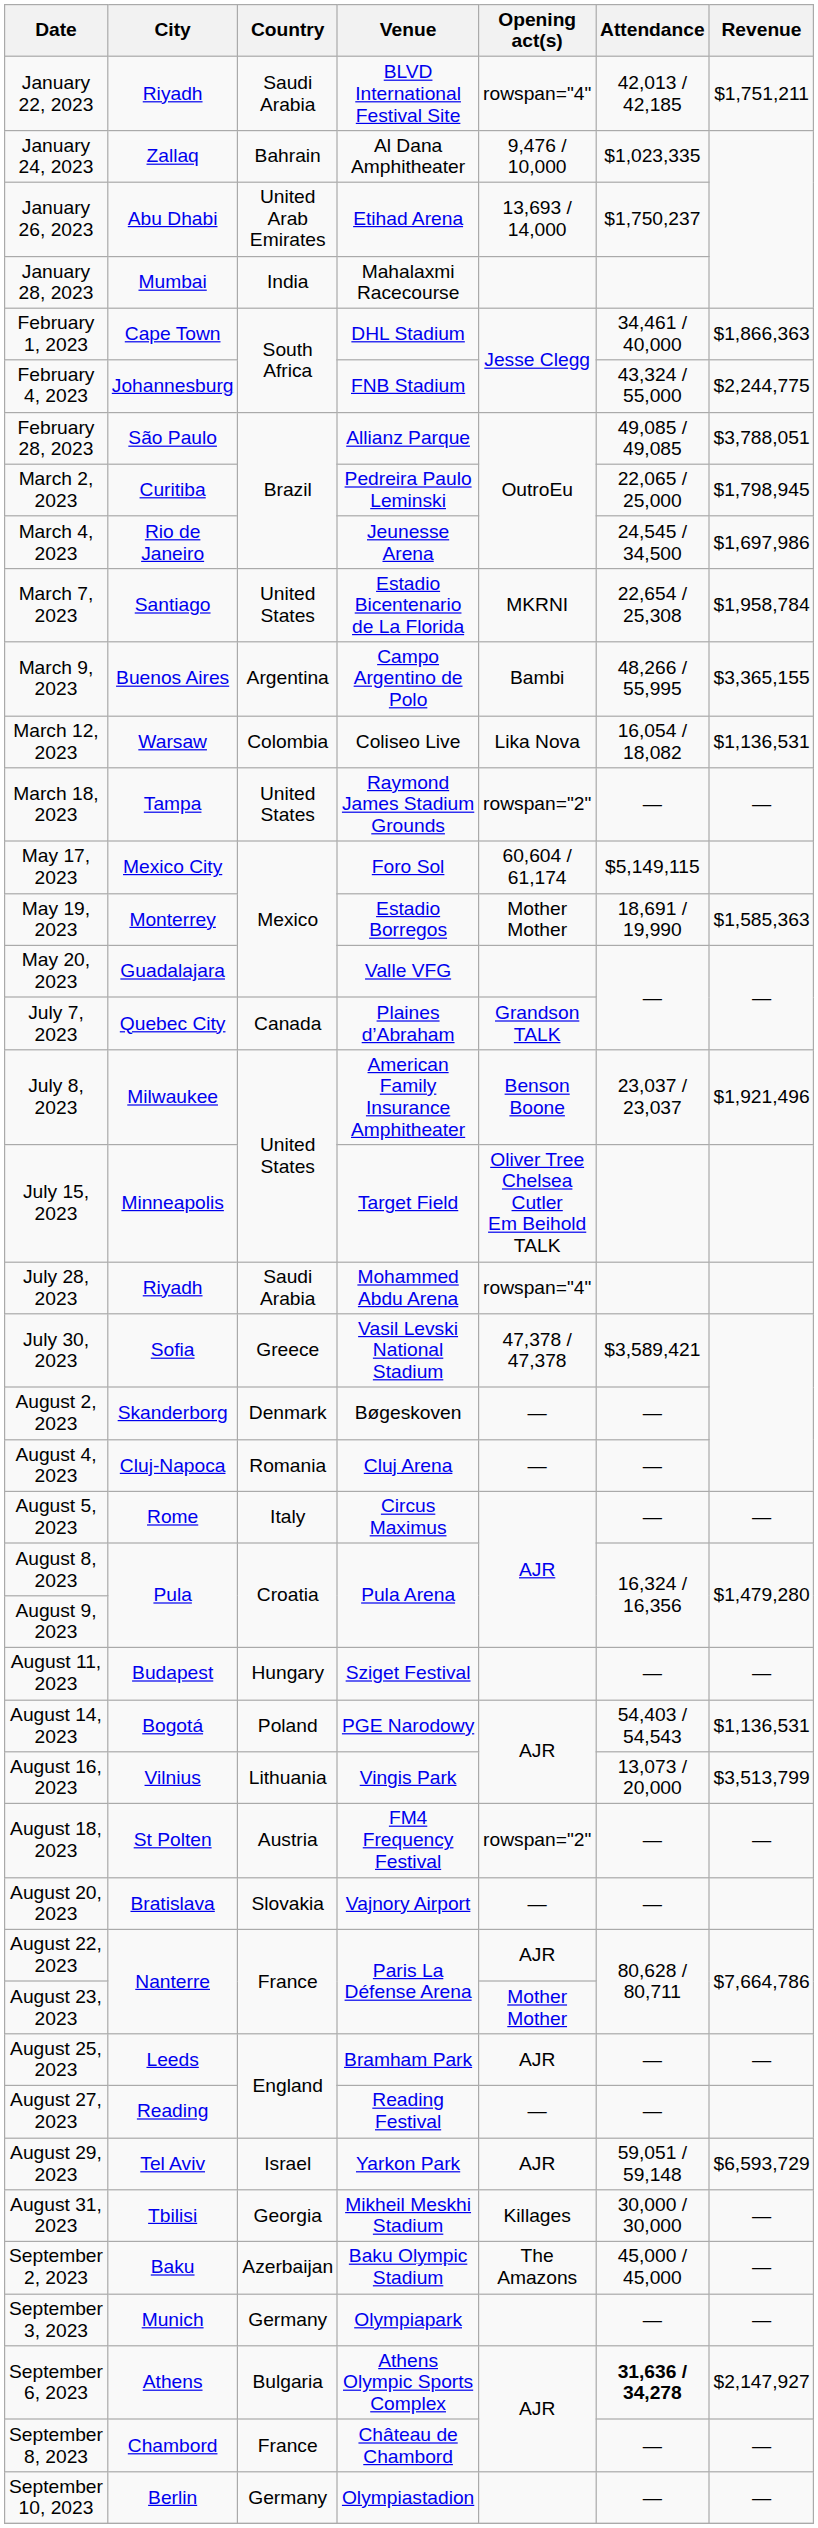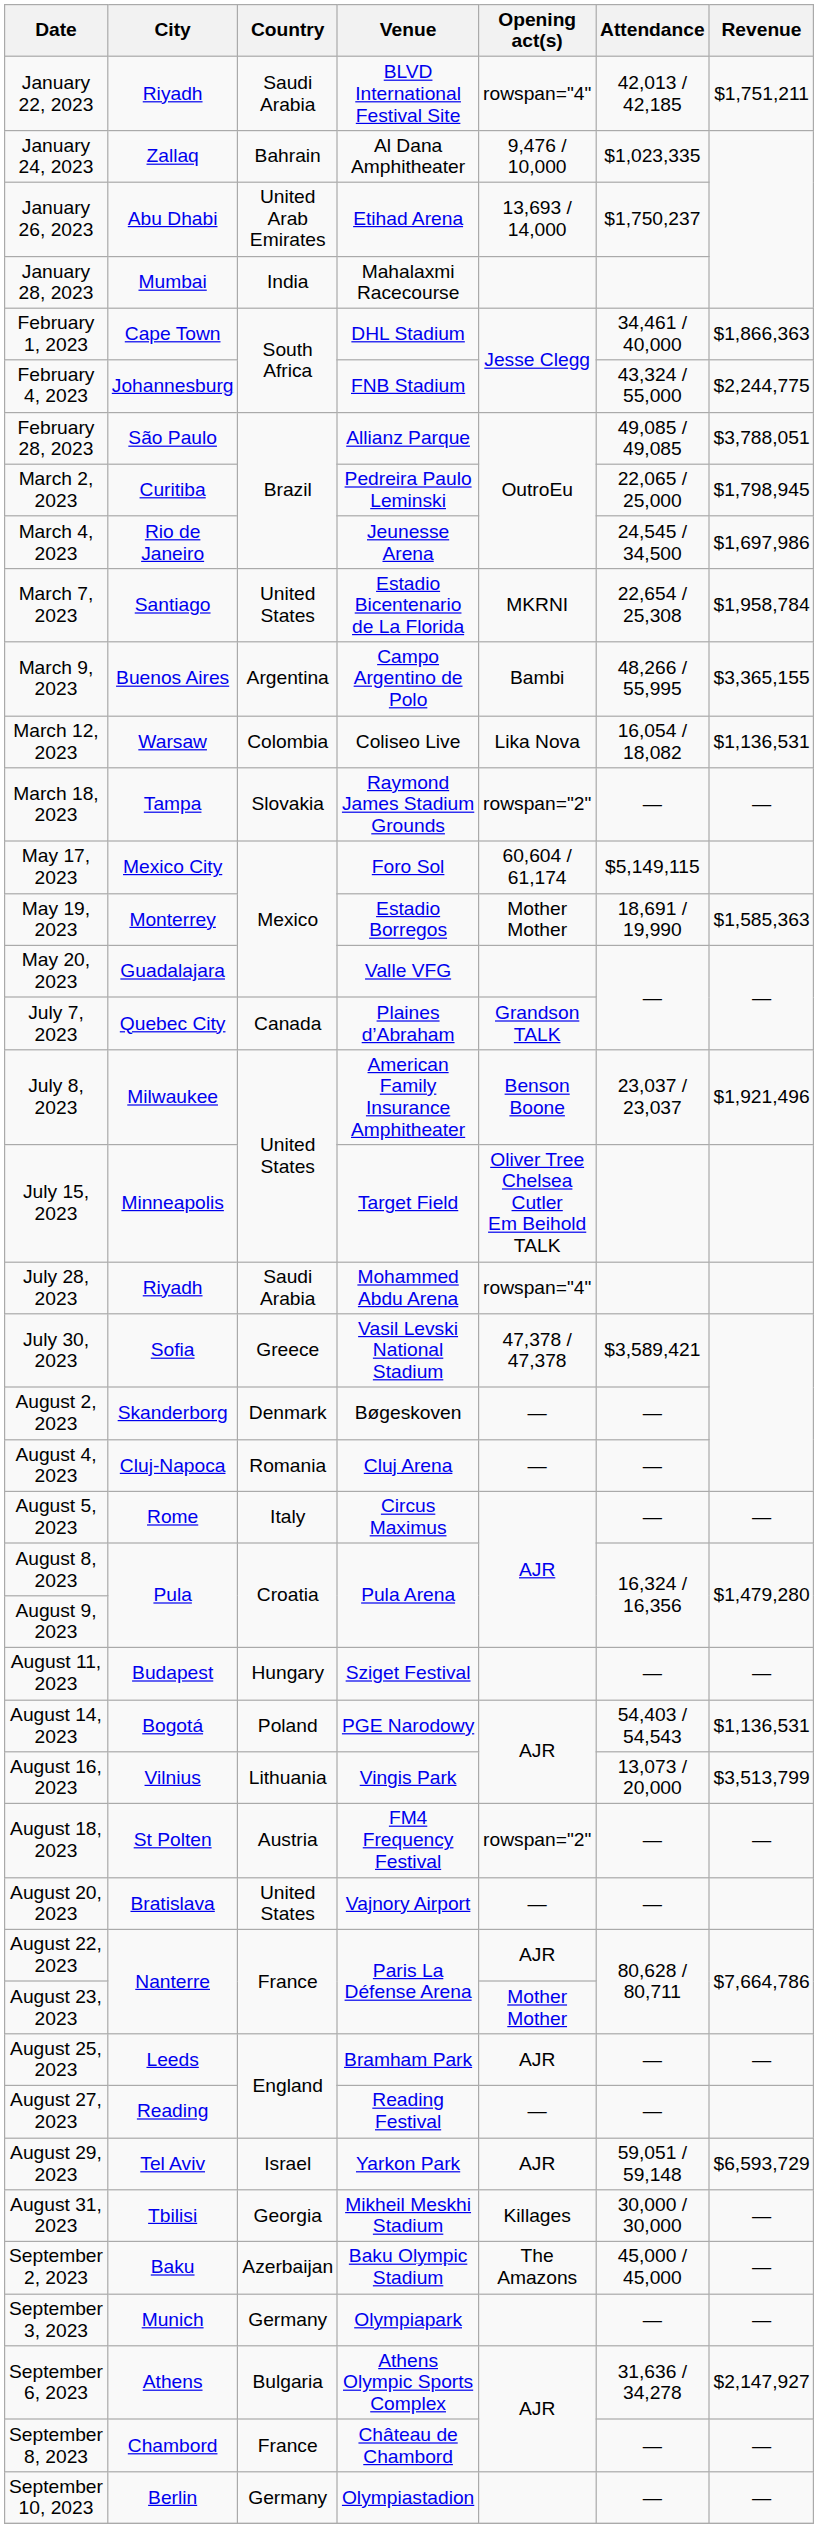 <table class="wikitable plainrowheaders" style="text-align:center;">
 <tr>
 <th cope="col" style="width:12em;">Date</th>
 <th scope="col" style="width:10em;">City</th>
 <th scope="col" style="width:10em;">Country</th>
 <th scope="col" style="width:16em;">Venue</th>
 <th scope="col" style="width:10em;">Opening act(s)</th>
 <th scope="col" style="width:10em;">Attendance</th>
 <th scope="col" style="width:10em;">Revenue</th>
 </tr>
 <tr>
 <td>January 22, 2023</td>
 <td><a href='#'>Riyadh</a></td>
 <td>Saudi Arabia</td>
 <td><a href='#'>BLVD International Festival Site</a></td>
 <td>rowspan="4" </td>
 <td>42,013 / 42,185</td>
 <td>$1,751,211</td>
 </tr>
 <tr>
 <td>January 24, 2023</td>
 <td><a href='#'>Zallaq</a></td>
 <td>Bahrain</td>
 <td>Al Dana Amphitheater</td>
 <td>9,476 / 10,000</td>
 <td>$1,023,335</td>
 </tr>
 <tr>
 <td>January 26, 2023</td>
 <td><a href='#'>Abu Dhabi</a></td>
 <td>United Arab Emirates</td>
 <td><a href='#'>Etihad Arena</a></td>
 <td>13,693 / 14,000</td>
 <td>$1,750,237</td>
 </tr>
 <tr>
 <td>January 28, 2023</td>
 <td><a href='#'>Mumbai</a></td>
 <td>India</td>
 <td>Mahalaxmi Racecourse</td>
 <td></td>
 <td></td>
 </tr>
 <tr>
 <td>February 1, 2023</td>
 <td><a href='#'>Cape Town</a></td>
 <td rowspan="2">South Africa</td>
 <td><a href='#'>DHL Stadium</a></td>
 <td rowspan="2"><a href='#'>Jesse Clegg</a></td>
 <td>34,461 / 40,000</td>
 <td>$1,866,363</td>
 </tr>
 <tr>
 <td>February 4, 2023</td>
 <td><a href='#'>Johannesburg</a></td>
 <td><a href='#'>FNB Stadium</a></td>
 <td>43,324 / 55,000</td>
 <td>$2,244,775</td>
 </tr>
 <tr>
 <td>February 28, 2023</td>
 <td><a href='#'>São Paulo</a></td>
 <td rowspan="3">Brazil</td>
 <td><a href='#'>Allianz Parque</a></td>
 <td rowspan="3">OutroEu</td>
 <td>49,085 / 49,085</td>
 <td>$3,788,051</td>
 </tr>
 <tr>
 <td>March 2, 2023</td>
 <td><a href='#'>Curitiba</a></td>
 <td><a href='#'>Pedreira Paulo Leminski</a></td>
 <td>22,065 / 25,000</td>
 <td>$1,798,945</td>
 </tr>
 <tr>
 <td>March 4, 2023</td>
 <td><a href='#'>Rio de Janeiro</a></td>
 <td><a href='#'>Jeunesse Arena</a></td>
 <td>24,545 / 34,500</td>
 <td>$1,697,986</td>
 </tr>
 <tr>
 <td>March 7, 2023</td>
 <td><a href='#'>Santiago</a></td>
 <td>United States</td>
 <td><a href='#'>Estadio Bicentenario de La Florida</a></td>
 <td>MKRNI</td>
 <td>22,654 / 25,308</td>
 <td>$1,958,784</td>
 </tr>
 <tr>
 <td>March 9, 2023</td>
 <td><a href='#'>Buenos Aires</a></td>
 <td>Argentina</td>
 <td><a href='#'>Campo Argentino de Polo</a></td>
 <td>Bambi</td>
 <td>48,266 / 55,995</td>
 <td>$3,365,155</td>
 </tr>
 <tr>
 <td>March 12, 2023</td>
 <td><a href='#'>Warsaw</a></td>
 <td>Colombia</td>
 <td>Coliseo Live</td>
 <td>Lika Nova</td>
 <td>16,054 / 18,082</td>
 <td>$1,136,531</td>
 </tr>
 <tr>
 <td>March 18, 2023</td>
 <td><a href='#'>Tampa</a></td>
-<td>United States</td>
+<td>Slovakia</td>
 <td><a href='#'>Raymond James Stadium Grounds</a></td>
 <td>rowspan="2" </td>
 <td>—</td>
 <td>—</td>
 </tr>
 <tr>
 <td>May 17, 2023</td>
 <td><a href='#'>Mexico City</a></td>
 <td rowspan="3">Mexico</td>
 <td><a href='#'>Foro Sol</a></td>
 <td>60,604 / 61,174</td>
 <td>$5,149,115</td>
 </tr>
 <tr>
 <td>May 19, 2023</td>
 <td><a href='#'>Monterrey</a></td>
 <td><a href='#'>Estadio Borregos</a></td>
 <td>Mother Mother</td>
 <td>18,691 / 19,990</td>
 <td>$1,585,363</td>
 </tr>
 <tr>
 <td>May 20, 2023</td>
 <td><a href='#'>Guadalajara</a></td>
 <td><a href='#'>Valle VFG</a></td>
 <td></td>
 <td rowspan = "2">—</td>
 <td rowspan = "2">—</td>
 </tr>
 <tr>
 <td>July 7, 2023</td>
 <td><a href='#'>Quebec City</a></td>
 <td>Canada</td>
 <td><a href='#'>Plaines d’Abraham</a></td>
 <td><a href='#'>Grandson</a><br><a href='#'>TALK</a></td>
 </tr>
 <tr>
 <td>July 8, 2023</td>
 <td><a href='#'>Milwaukee</a></td>
 <td rowspan="2">United States</td>
 <td><a href='#'>American Family Insurance Amphitheater</a></td>
 <td><a href='#'>Benson Boone</a></td>
 <td>23,037 / 23,037</td>
 <td>$1,921,496</td>
 </tr>
 <tr>
 <td>July 15, 2023</td>
 <td><a href='#'>Minneapolis</a></td>
 <td><a href='#'>Target Field</a></td>
 <td><a href='#'>Oliver Tree</a><br><a href='#'>Chelsea Cutler</a><br><a href='#'>Em Beihold</a><br>TALK</td>
 <td></td>
 <td></td>
 </tr>
 <tr>
 <td>July 28, 2023</td>
 <td><a href='#'>Riyadh</a></td>
 <td>Saudi Arabia</td>
 <td><a href='#'>Mohammed Abdu Arena</a></td>
 <td>rowspan="4" </td>
 <td></td>
 <td></td>
 </tr>
 <tr>
 <td>July 30, 2023</td>
 <td><a href='#'>Sofia</a></td>
 <td>Greece</td>
 <td><a href='#'>Vasil Levski National Stadium</a></td>
 <td>47,378 / 47,378</td>
 <td>$3,589,421</td>
 </tr>
 <tr>
 <td>August 2, 2023</td>
 <td><a href='#'>Skanderborg</a></td>
 <td>Denmark</td>
 <td>Bøgeskoven</td>
 <td>—</td>
 <td>—</td>
 </tr>
 <tr>
 <td>August 4, 2023</td>
 <td><a href='#'>Cluj-Napoca</a></td>
 <td>Romania</td>
 <td><a href='#'>Cluj Arena</a></td>
 <td>—</td>
 <td>—</td>
 </tr>
 <tr>
 <td>August 5, 2023</td>
 <td><a href='#'>Rome</a></td>
 <td>Italy</td>
 <td><a href='#'>Circus Maximus</a></td>
 <td rowspan="3"><a href='#'>AJR</a></td>
 <td>—</td>
 <td>—</td>
 </tr>
 <tr>
 <td>August 8, 2023</td>
 <td rowspan="2"><a href='#'>Pula</a></td>
 <td rowspan="2">Croatia</td>
 <td rowspan="2"><a href='#'>Pula Arena</a></td>
 <td rowspan="2">16,324 / 16,356</td>
 <td rowspan="2">$1,479,280</td>
 </tr>
 <tr>
 <td scope="row">August 9, 2023</td>
 </tr>
 <tr>
 <td>August 11, 2023</td>
 <td><a href='#'>Budapest</a></td>
 <td>Hungary</td>
 <td><a href='#'>Sziget Festival</a></td>
 <td></td>
 <td>—</td>
 <td>—</td>
 </tr>
 <tr>
 <td>August 14, 2023</td>
 <td><a href='#'>Bogotá</a></td>
 <td>Poland</td>
 <td><a href='#'>PGE Narodowy</a></td>
 <td rowspan="2">AJR</td>
 <td>54,403 / 54,543</td>
 <td>$1,136,531</td>
 </tr>
 <tr>
 <td>August 16, 2023</td>
 <td><a href='#'>Vilnius</a></td>
 <td>Lithuania</td>
 <td><a href='#'>Vingis Park</a></td>
 <td>13,073 / 20,000</td>
 <td>$3,513,799</td>
 </tr>
 <tr>
 <td>August 18, 2023</td>
 <td><a href='#'>St Polten</a></td>
 <td>Austria</td>
 <td><a href='#'>FM4 Frequency Festival</a></td>
 <td>rowspan="2" </td>
 <td>—</td>
 <td>—</td>
 </tr>
 <tr>
 <td>August 20, 2023</td>
 <td><a href='#'>Bratislava</a></td>
-<td>Slovakia</td>
+<td>United States</td>
 <td><a href='#'>Vajnory Airport</a></td>
 <td>—</td>
 <td>—</td>
 </tr>
 <tr>
 <td>August 22, 2023</td>
 <td rowspan="2"><a href='#'>Nanterre</a></td>
 <td rowspan="2">France</td>
 <td rowspan="2"><a href='#'>Paris La Défense Arena</a></td>
 <td>AJR</td>
 <td rowspan="2">80,628 / 80,711</td>
 <td rowspan="2">$7,664,786</td>
 </tr>
 <tr>
 <td scope="row">August 23, 2023</td>
 <td><a href='#'>Mother Mother</a></td>
 </tr>
 <tr>
 <td>August 25, 2023</td>
 <td><a href='#'>Leeds</a></td>
 <td rowspan="2">England</td>
 <td><a href='#'>Bramham Park</a></td>
 <td>AJR</td>
 <td>—</td>
 <td>—</td>
 </tr>
 <tr>
 <td>August 27, 2023</td>
 <td><a href='#'>Reading</a></td>
 <td><a href='#'>Reading Festival</a></td>
 <td>—</td>
 <td>—</td>
 </tr>
 <tr>
 <td>August 29, 2023</td>
 <td><a href='#'>Tel Aviv</a></td>
 <td>Israel</td>
 <td><a href='#'>Yarkon Park</a></td>
 <td>AJR</td>
 <td>59,051 / 59,148</td>
 <td>$6,593,729</td>
 </tr>
 <tr>
 <td>August 31, 2023</td>
 <td><a href='#'>Tbilisi</a></td>
 <td>Georgia</td>
 <td><a href='#'>Mikheil Meskhi Stadium</a></td>
 <td>Killages</td>
 <td>30,000 / 30,000</td>
 <td>—</td>
 </tr>
 <tr>
 <td>September 2, 2023</td>
 <td><a href='#'>Baku</a></td>
 <td>Azerbaijan</td>
 <td><a href='#'>Baku Olympic Stadium</a></td>
 <td>The Amazons</td>
 <td>45,000 / 45,000</td>
 <td>—</td>
 </tr>
 <tr>
 <td>September 3, 2023</td>
 <td><a href='#'>Munich</a></td>
 <td>Germany</td>
 <td><a href='#'>Olympiapark</a></td>
 <td></td>
 <td>—</td>
 <td>—</td>
 </tr>
 <tr>
 <td>September 6, 2023</td>
 <td><a href='#'>Athens</a></td>
 <td>Bulgaria</td>
 <td><a href='#'>Athens Olympic Sports Complex</a></td>
 <td rowspan="2">AJR</td>
-<td><strong>31,636 / 34,278</strong></td>
+<td>31,636 / 34,278</td>
 <td>$2,147,927</td>
 </tr>
 <tr>
 <td>September 8, 2023</td>
 <td><a href='#'>Chambord</a></td>
 <td>France</td>
 <td><a href='#'>Château de Chambord</a></td>
 <td>—</td>
 <td>—</td>
 </tr>
 <tr>
 <td>September 10, 2023 </td>
 <td><a href='#'>Berlin</a></td>
 <td>Germany</td>
 <td><a href='#'>Olympiastadion</a></td>
 <td></td>
 <td>—</td>
 <td>—</td>
 </tr>
 <tr>
 </tr>
 </table>
